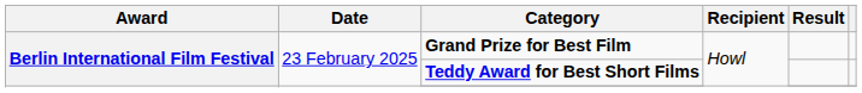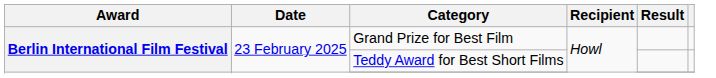 <table class="wikitable sortable plainrowheaders">
 <tr>
 <th>Award</th>
 <th>Date</th>
 <th>Category</th>
 <th>Recipient</th>
 <th>Result</th>
 <th></th>
 </tr>
 <tr>
 <th scope="row" rowspan=3><a href='#'>Berlin International Film Festival</a></th>
 <td rowspan=3><a href='#'>23 February 2025</a></td>
-<td><strong>Grand Prize for Best Film</strong></td>
+<td>Grand Prize for Best Film</td>
 <td rowspan="3"><em>Howl</em></td>
 <td></td>
 <td align="center" rowspan="1"></td>
 </tr>
 <tr>
-<td><strong><a href='#'>Teddy Award</a> for Best Short Films</strong></td>
+<td><a href='#'>Teddy Award</a> for Best Short Films</td>
 <td></td>
 <td align="center" rowspan="1"></td>
 </tr>
 <tr>
 </tr>
 </table>
